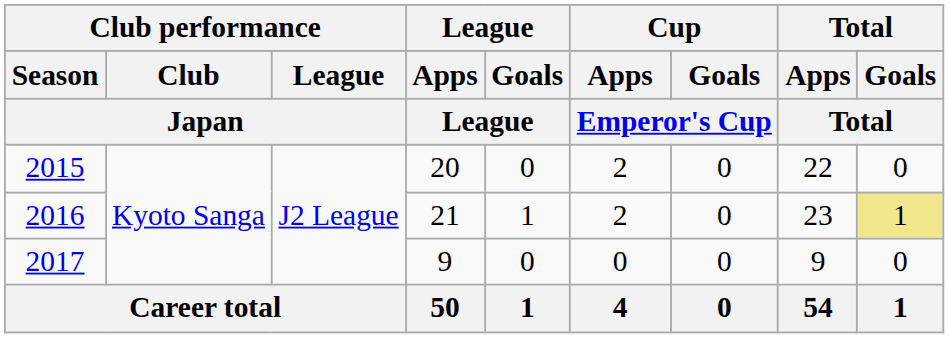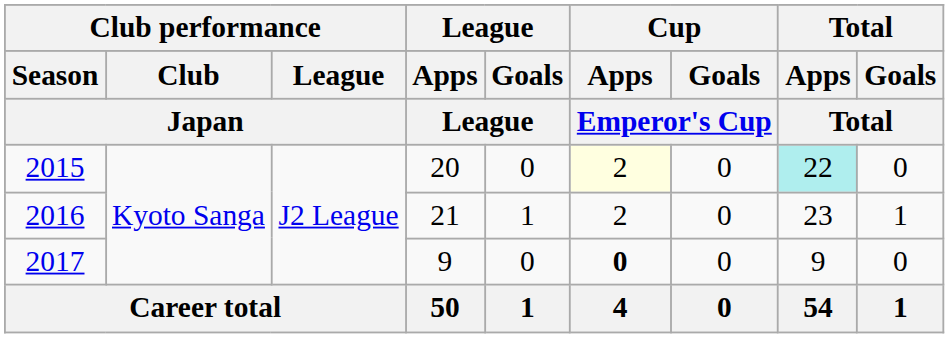 <table class="wikitable" style="text-align:center">
 <tr>
 <th colspan=3>Club performance</th>
 <th colspan=2>League</th>
 <th colspan=2>Cup</th>
 <th colspan=2>Total</th>
 </tr>
 <tr>
 <th>Season</th>
 <th>Club</th>
 <th>League</th>
 <th>Apps</th>
 <th>Goals</th>
 <th>Apps</th>
 <th>Goals</th>
 <th>Apps</th>
 <th>Goals</th>
 </tr>
 <tr>
 <th colspan=3>Japan</th>
 <th colspan=2>League</th>
 <th colspan=2><a href='#'>Emperor's Cup</a></th>
 <th colspan=2>Total</th>
 </tr>
 <tr>
 <td><a href='#'>2015</a></td>
 <td rowspan="3"><a href='#'>Kyoto Sanga</a></td>
 <td rowspan="3"><a href='#'>J2 League</a></td>
 <td>20</td>
 <td>0</td>
-<td>2</td>
+<td style="background: lightyellow;">2</td>
 <td>0</td>
-<td>22</td>
+<td style="background: paleturquoise;">22</td>
 <td>0</td>
 </tr>
 <tr>
 <td><a href='#'>2016</a></td>
 <td>21</td>
 <td>1</td>
 <td>2</td>
 <td>0</td>
 <td>23</td>
-<td style="background: khaki;">1</td>
+<td>1</td>
 </tr>
 <tr>
 <td><a href='#'>2017</a></td>
 <td>9</td>
 <td>0</td>
-<td>0</td>
+<td><strong>0</strong></td>
 <td>0</td>
 <td>9</td>
 <td>0</td>
 </tr>
 <tr>
 <th colspan=3>Career total</th>
 <th>50</th>
 <th>1</th>
 <th>4</th>
 <th>0</th>
 <th>54</th>
 <th>1</th>
 </tr>
 </table>
